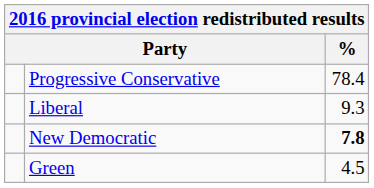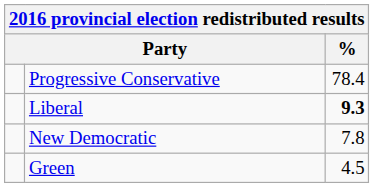 <table class="wikitable">
 <tr>
 <th colspan="4"><a href='#'>2016 provincial election</a> redistributed results</th>
 </tr>
 <tr>
 <th bgcolor="#DDDDFF" width="130px" colspan="2">Party</th>
 <th bgcolor="#DDDDFF" width="30px">%</th>
 </tr>
 <tr>
 <td> </td>
 <td><a href='#'>Progressive Conservative</a></td>
 <td align=right>78.4</td>
 </tr>
 <tr>
 <td> </td>
 <td><a href='#'>Liberal</a></td>
-<td align=right>9.3</td>
+<td align=right><strong>9.3</strong></td>
 </tr>
 <tr>
 <td> </td>
 <td><a href='#'>New Democratic</a></td>
-<td align=right><strong>7.8</strong></td>
+<td align=right>7.8</td>
 </tr>
 <tr>
 <td> </td>
 <td><a href='#'>Green</a></td>
 <td align=right>4.5</td>
 </tr>
 </table>
